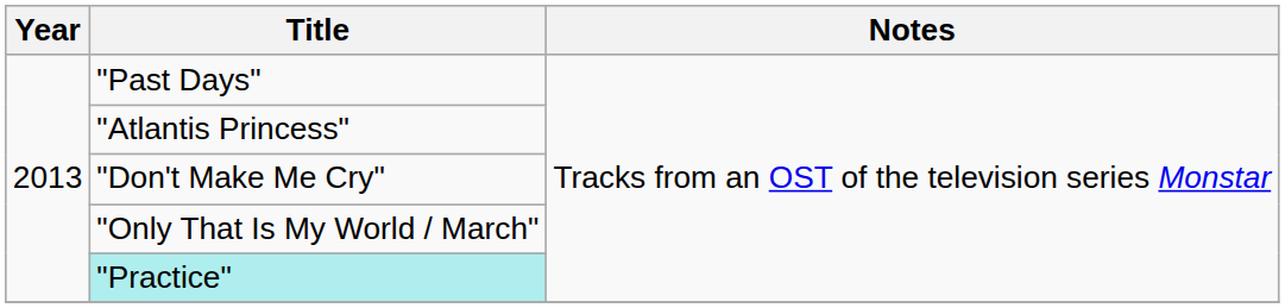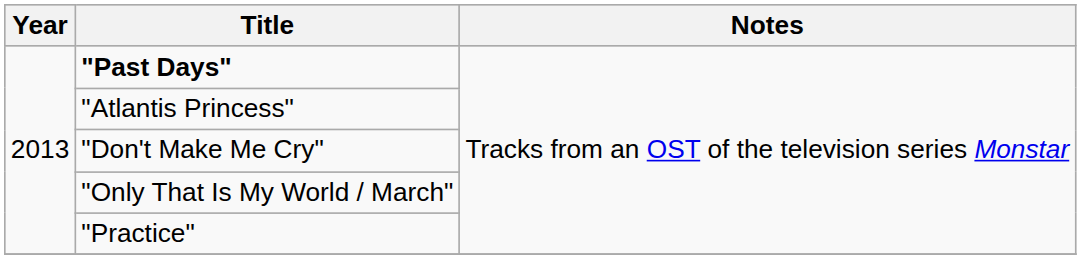 <table class="wikitable sortable">
 <tr>
 <th>Year</th>
 <th>Title</th>
 <th>Notes</th>
 </tr>
 <tr>
 <td rowspan="5">2013</td>
-<td>"Past Days"</td>
+<td><strong>"Past Days"</strong></td>
 <td rowspan="5">Tracks from an <a href='#'>OST</a> of the television series <em><a href='#'>Monstar</a></em></td>
 </tr>
 <tr>
 <td>"Atlantis Princess"</td>
 </tr>
 <tr>
 <td>"Don't Make Me Cry"</td>
 </tr>
 <tr>
 <td>"Only That Is My World / March"</td>
 </tr>
 <tr>
-<td style="background: paleturquoise;">"Practice"</td>
+<td>"Practice"</td>
 </tr>
 <tr>
 </tr>
 </table>
